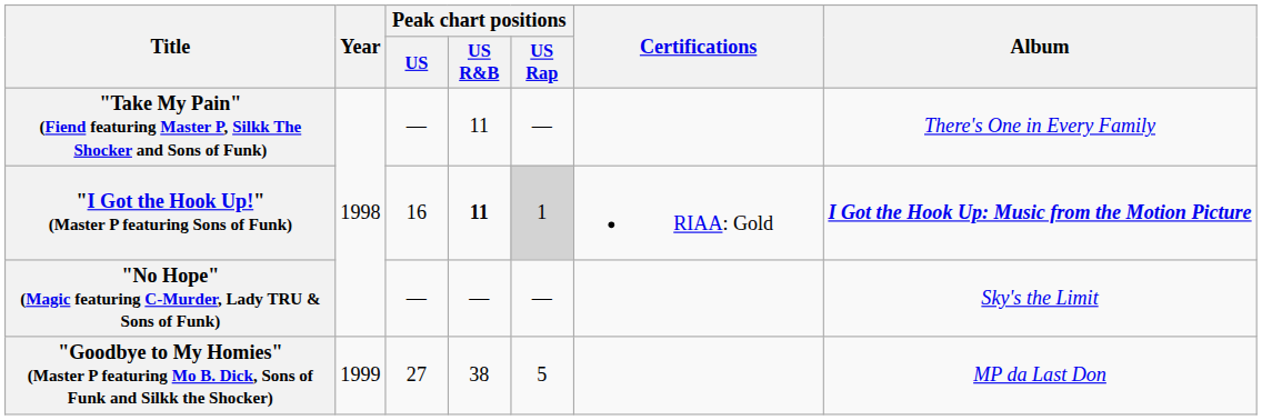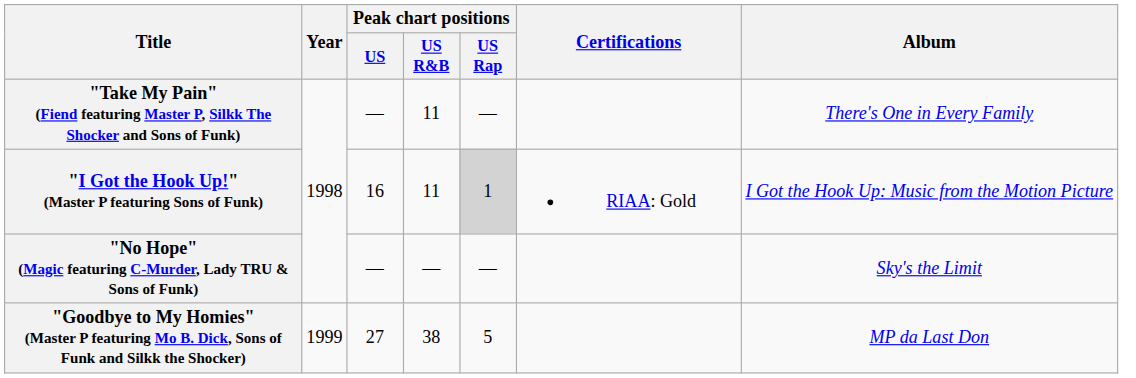 <table class="wikitable plainrowheaders" style="text-align:center;">
 <tr>
 <th scope="col" rowspan="2" style="width:16em;">Title</th>
 <th scope="col" rowspan="2">Year</th>
 <th scope="col" colspan="3">Peak chart positions</th>
 <th scope="col" rowspan="2" style="width:12em;"><a href='#'>Certifications</a></th>
 <th scope="col" rowspan="2">Album</th>
 </tr>
 <tr>
 <th style="width:3em; font-size:90%"><a href='#'>US</a></th>
 <th style="width:3em; font-size:90%"><a href='#'>US<br>R&B</a></th>
 <th style="width:3em; font-size:90%"><a href='#'>US<br>Rap</a></th>
 </tr>
 <tr>
 <th scope="row">"Take My Pain"<br><small>(<a href='#'>Fiend</a> featuring <a href='#'>Master P</a>, <a href='#'>Silkk The Shocker</a> and Sons of Funk)</small></th>
 <td rowspan="3">1998</td>
 <td>—</td>
 <td>11</td>
 <td>—</td>
 <td></td>
 <td><em><a href='#'>There's One in Every Family</a></em></td>
 </tr>
 <tr>
 <th scope="row">"<a href='#'>I Got the Hook Up!</a>"<br><small>(Master P featuring Sons of Funk)</small></th>
 <td>16</td>
-<td><strong>11</strong></td>
+<td>11</td>
 <td style="background: lightgrey;">1</td>
 <td><br><ul><li><a href='#'>RIAA</a>: Gold</li></ul></td>
-<td><strong><em><a href='#'>I Got the Hook Up: Music from the Motion Picture</a></em></strong></td>
+<td><em><a href='#'>I Got the Hook Up: Music from the Motion Picture</a></em></td>
 </tr>
 <tr>
 <th scope="row">"No Hope"<br><small>(<a href='#'>Magic</a> featuring <a href='#'>C-Murder</a>, Lady TRU & Sons of Funk)</small></th>
 <td>—</td>
 <td>—</td>
 <td>—</td>
 <td></td>
 <td><em><a href='#'>Sky's the Limit</a></em></td>
 </tr>
 <tr>
 <th scope="row">"Goodbye to My Homies"<br><small>(Master P featuring <a href='#'>Mo B. Dick</a>, Sons of Funk and Silkk the Shocker)</small></th>
 <td>1999</td>
 <td>27</td>
 <td>38</td>
 <td>5</td>
 <td></td>
 <td><em><a href='#'>MP da Last Don</a></em></td>
 </tr>
 </table>
